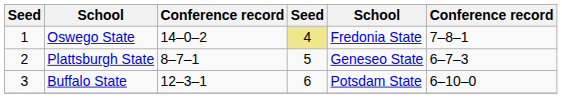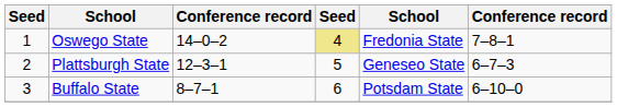 <table class="wikitable">
 <tr>
 <th>Seed</th>
 <th>School</th>
 <th>Conference record</th>
 <th>Seed</th>
 <th>School</th>
 <th>Conference record</th>
 </tr>
 <tr>
 <td align=center>1</td>
 <td><a href='#'>Oswego State</a></td>
 <td>14–0–2</td>
 <td align=center style="background: khaki;">4</td>
 <td><a href='#'>Fredonia State</a></td>
 <td>7–8–1</td>
 </tr>
 <tr>
 <td align=center>2</td>
 <td><a href='#'>Plattsburgh State</a></td>
-<td>8–7–1</td>
+<td>12–3–1</td>
 <td align=center>5</td>
 <td><a href='#'>Geneseo State</a></td>
 <td>6–7–3</td>
 </tr>
 <tr>
 <td align=center>3</td>
 <td><a href='#'>Buffalo State</a></td>
-<td>12–3–1</td>
+<td>8–7–1</td>
 <td align=center>6</td>
 <td><a href='#'>Potsdam State</a></td>
 <td>6–10–0</td>
 </tr>
 <tr>
 </tr>
 </table>
